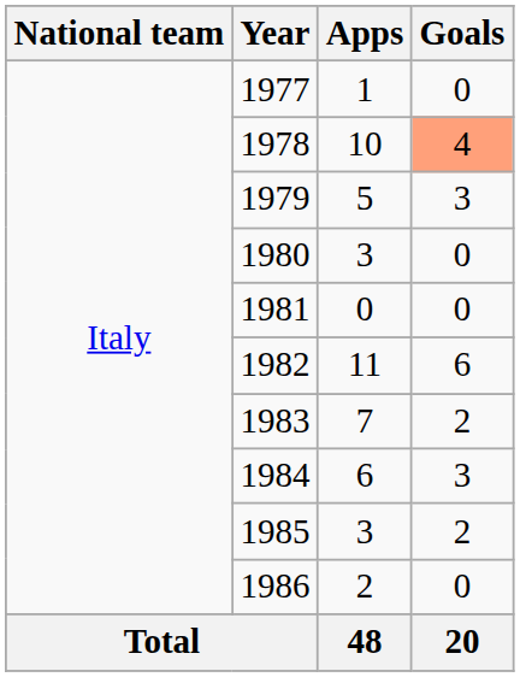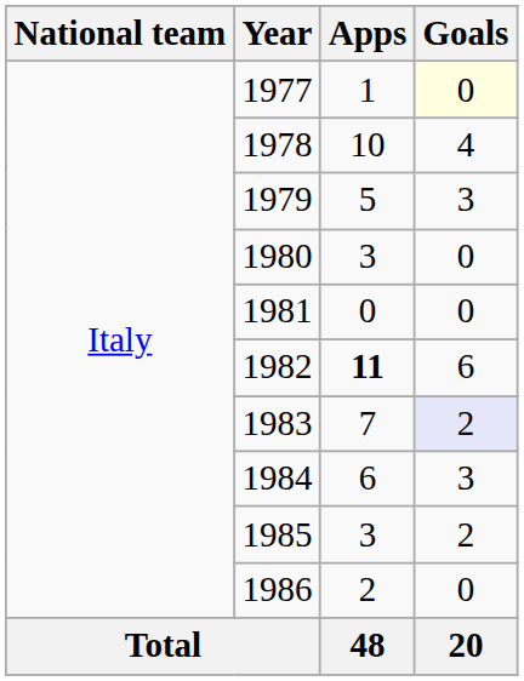 <table class="wikitable" style="text-align:center">
 <tr>
 <th>National team</th>
 <th>Year</th>
 <th>Apps</th>
 <th>Goals</th>
 </tr>
 <tr>
 <td rowspan="10"><a href='#'>Italy</a></td>
 <td>1977</td>
 <td>1</td>
-<td>0</td>
+<td style="background: lightyellow;">0</td>
 </tr>
 <tr>
 <td>1978</td>
 <td>10</td>
-<td style="background: lightsalmon;">4</td>
+<td>4</td>
 </tr>
 <tr>
 <td>1979</td>
 <td>5</td>
 <td>3</td>
 </tr>
 <tr>
 <td>1980</td>
 <td>3</td>
 <td>0</td>
 </tr>
 <tr>
 <td>1981</td>
 <td>0</td>
 <td>0</td>
 </tr>
 <tr>
 <td>1982</td>
-<td>11</td>
+<td><strong>11</strong></td>
 <td>6</td>
 </tr>
 <tr>
 <td>1983</td>
 <td>7</td>
-<td>2</td>
+<td style="background: lavender;">2</td>
 </tr>
 <tr>
 <td>1984</td>
 <td>6</td>
 <td>3</td>
 </tr>
 <tr>
 <td>1985</td>
 <td>3</td>
 <td>2</td>
 </tr>
 <tr>
 <td>1986</td>
 <td>2</td>
 <td>0</td>
 </tr>
 <tr>
 <th colspan="2">Total</th>
 <th>48</th>
 <th>20</th>
 </tr>
 </table>
